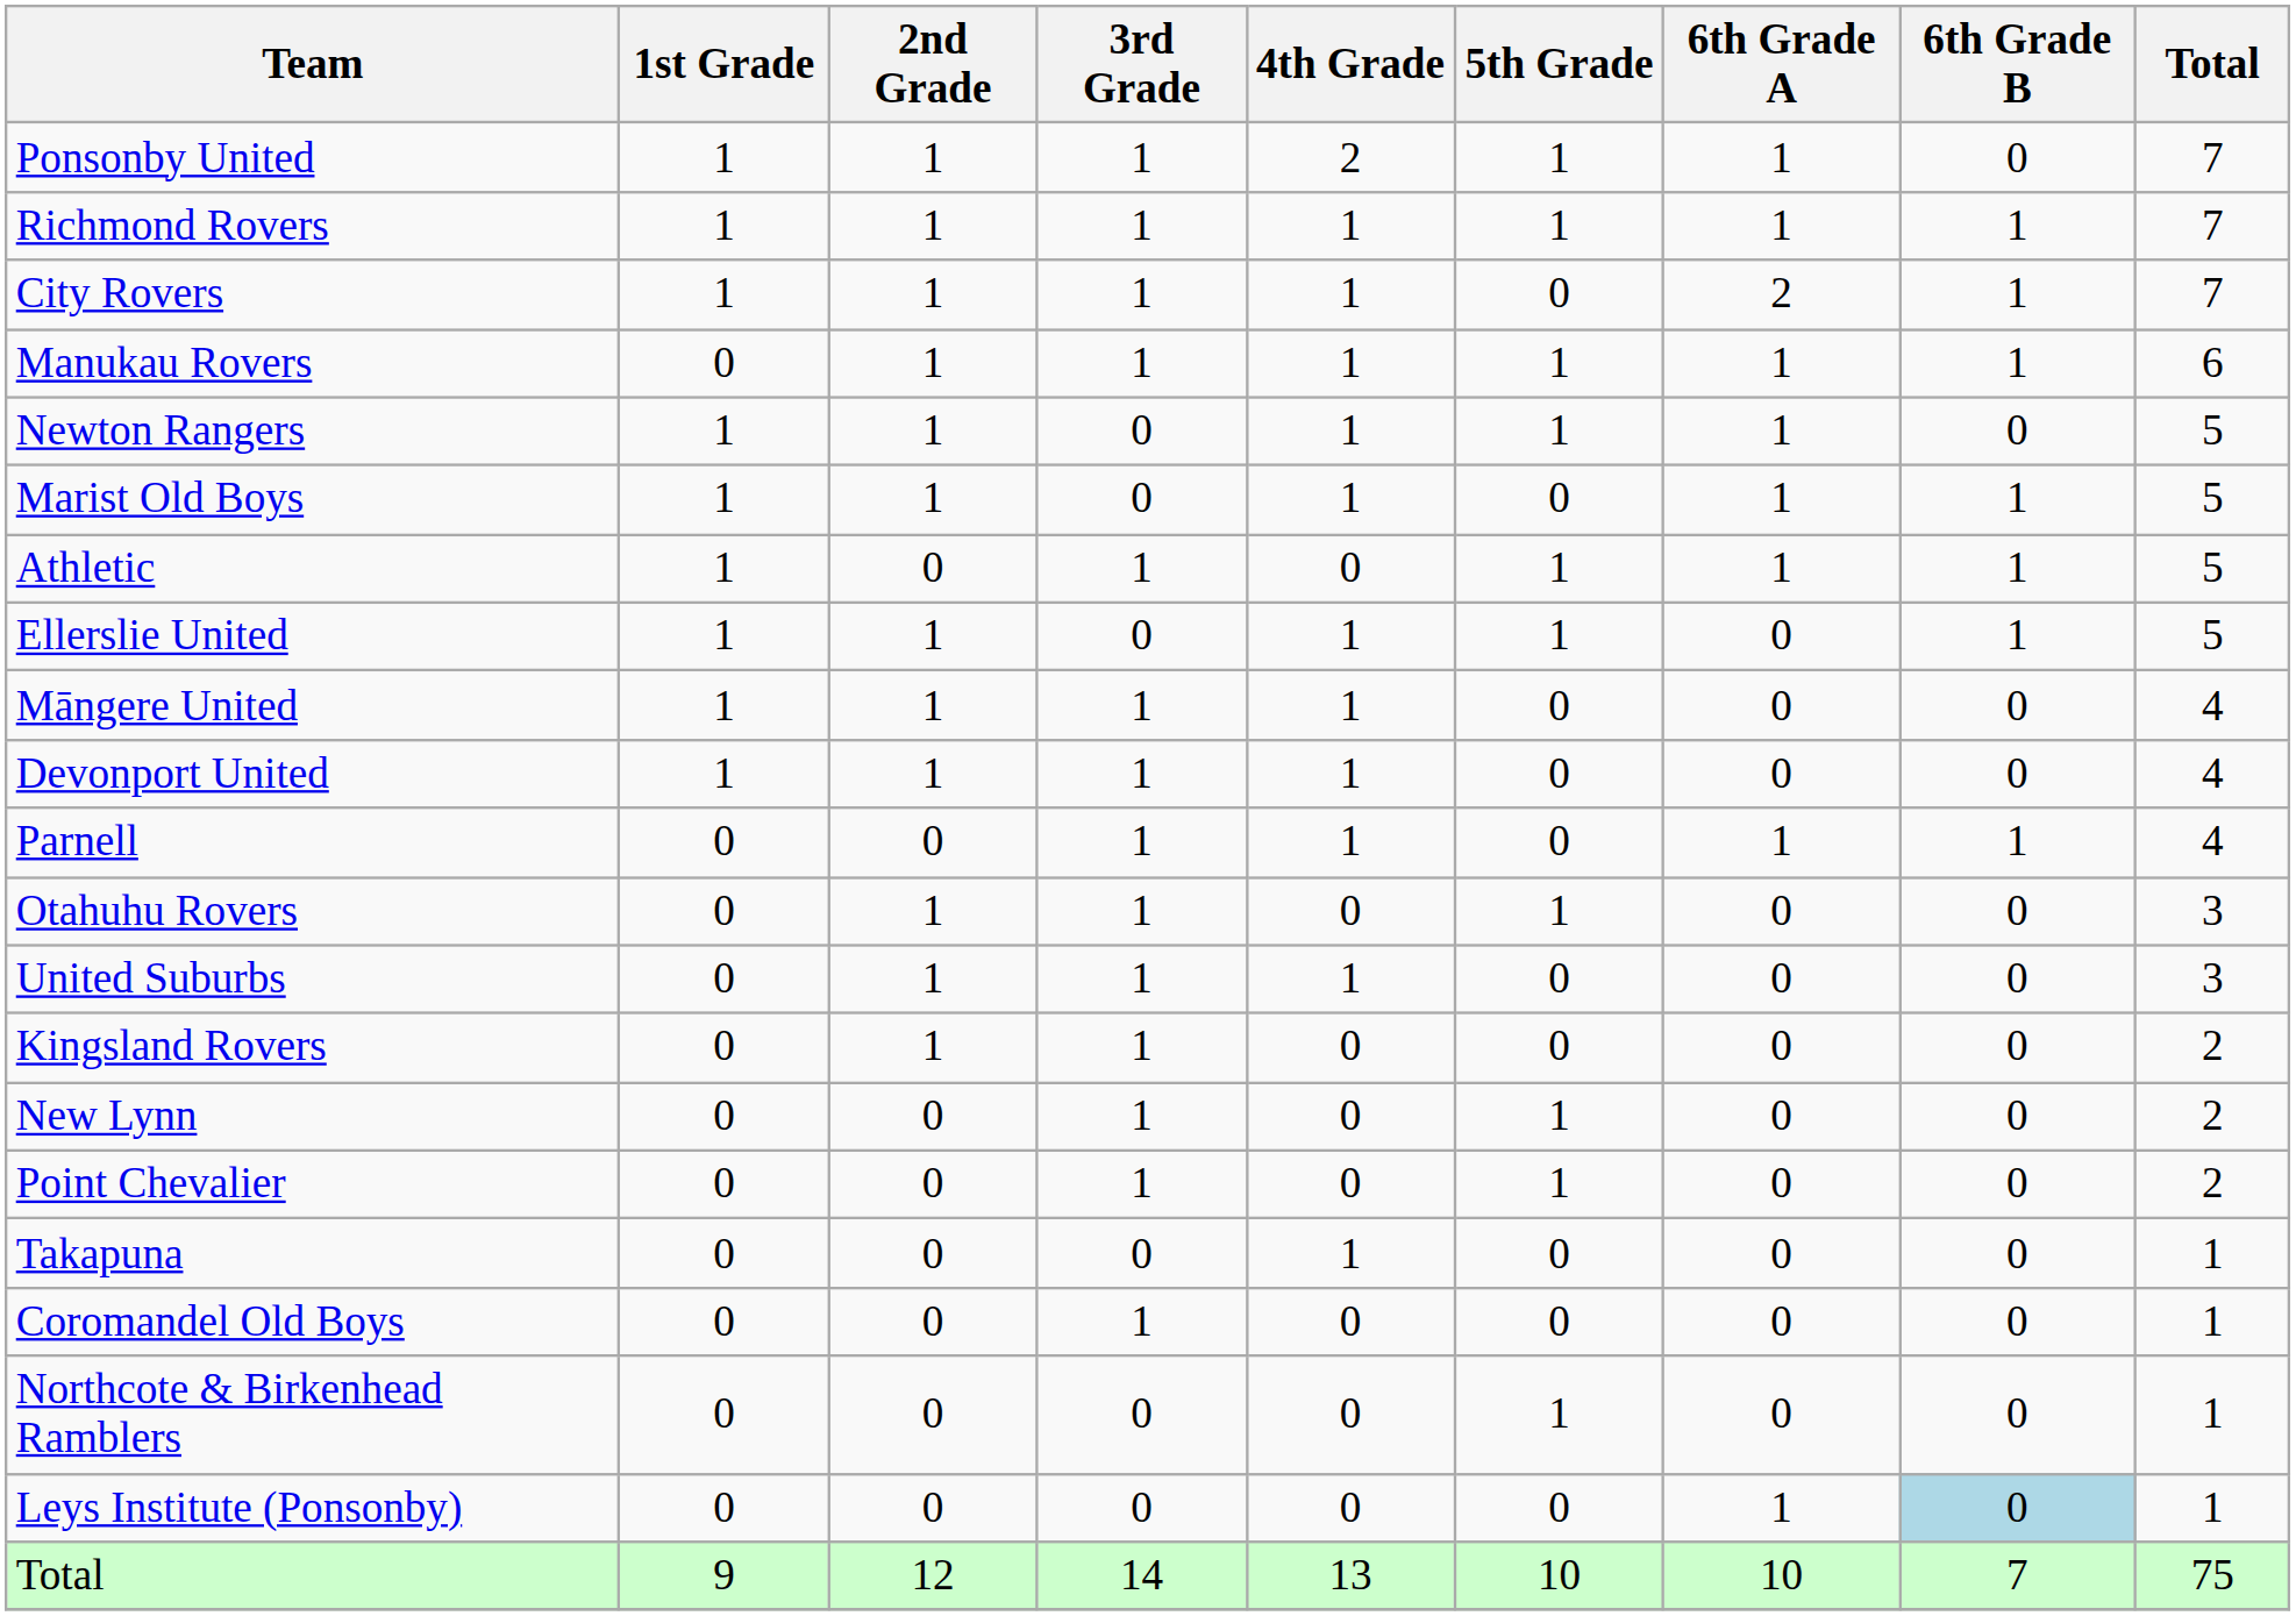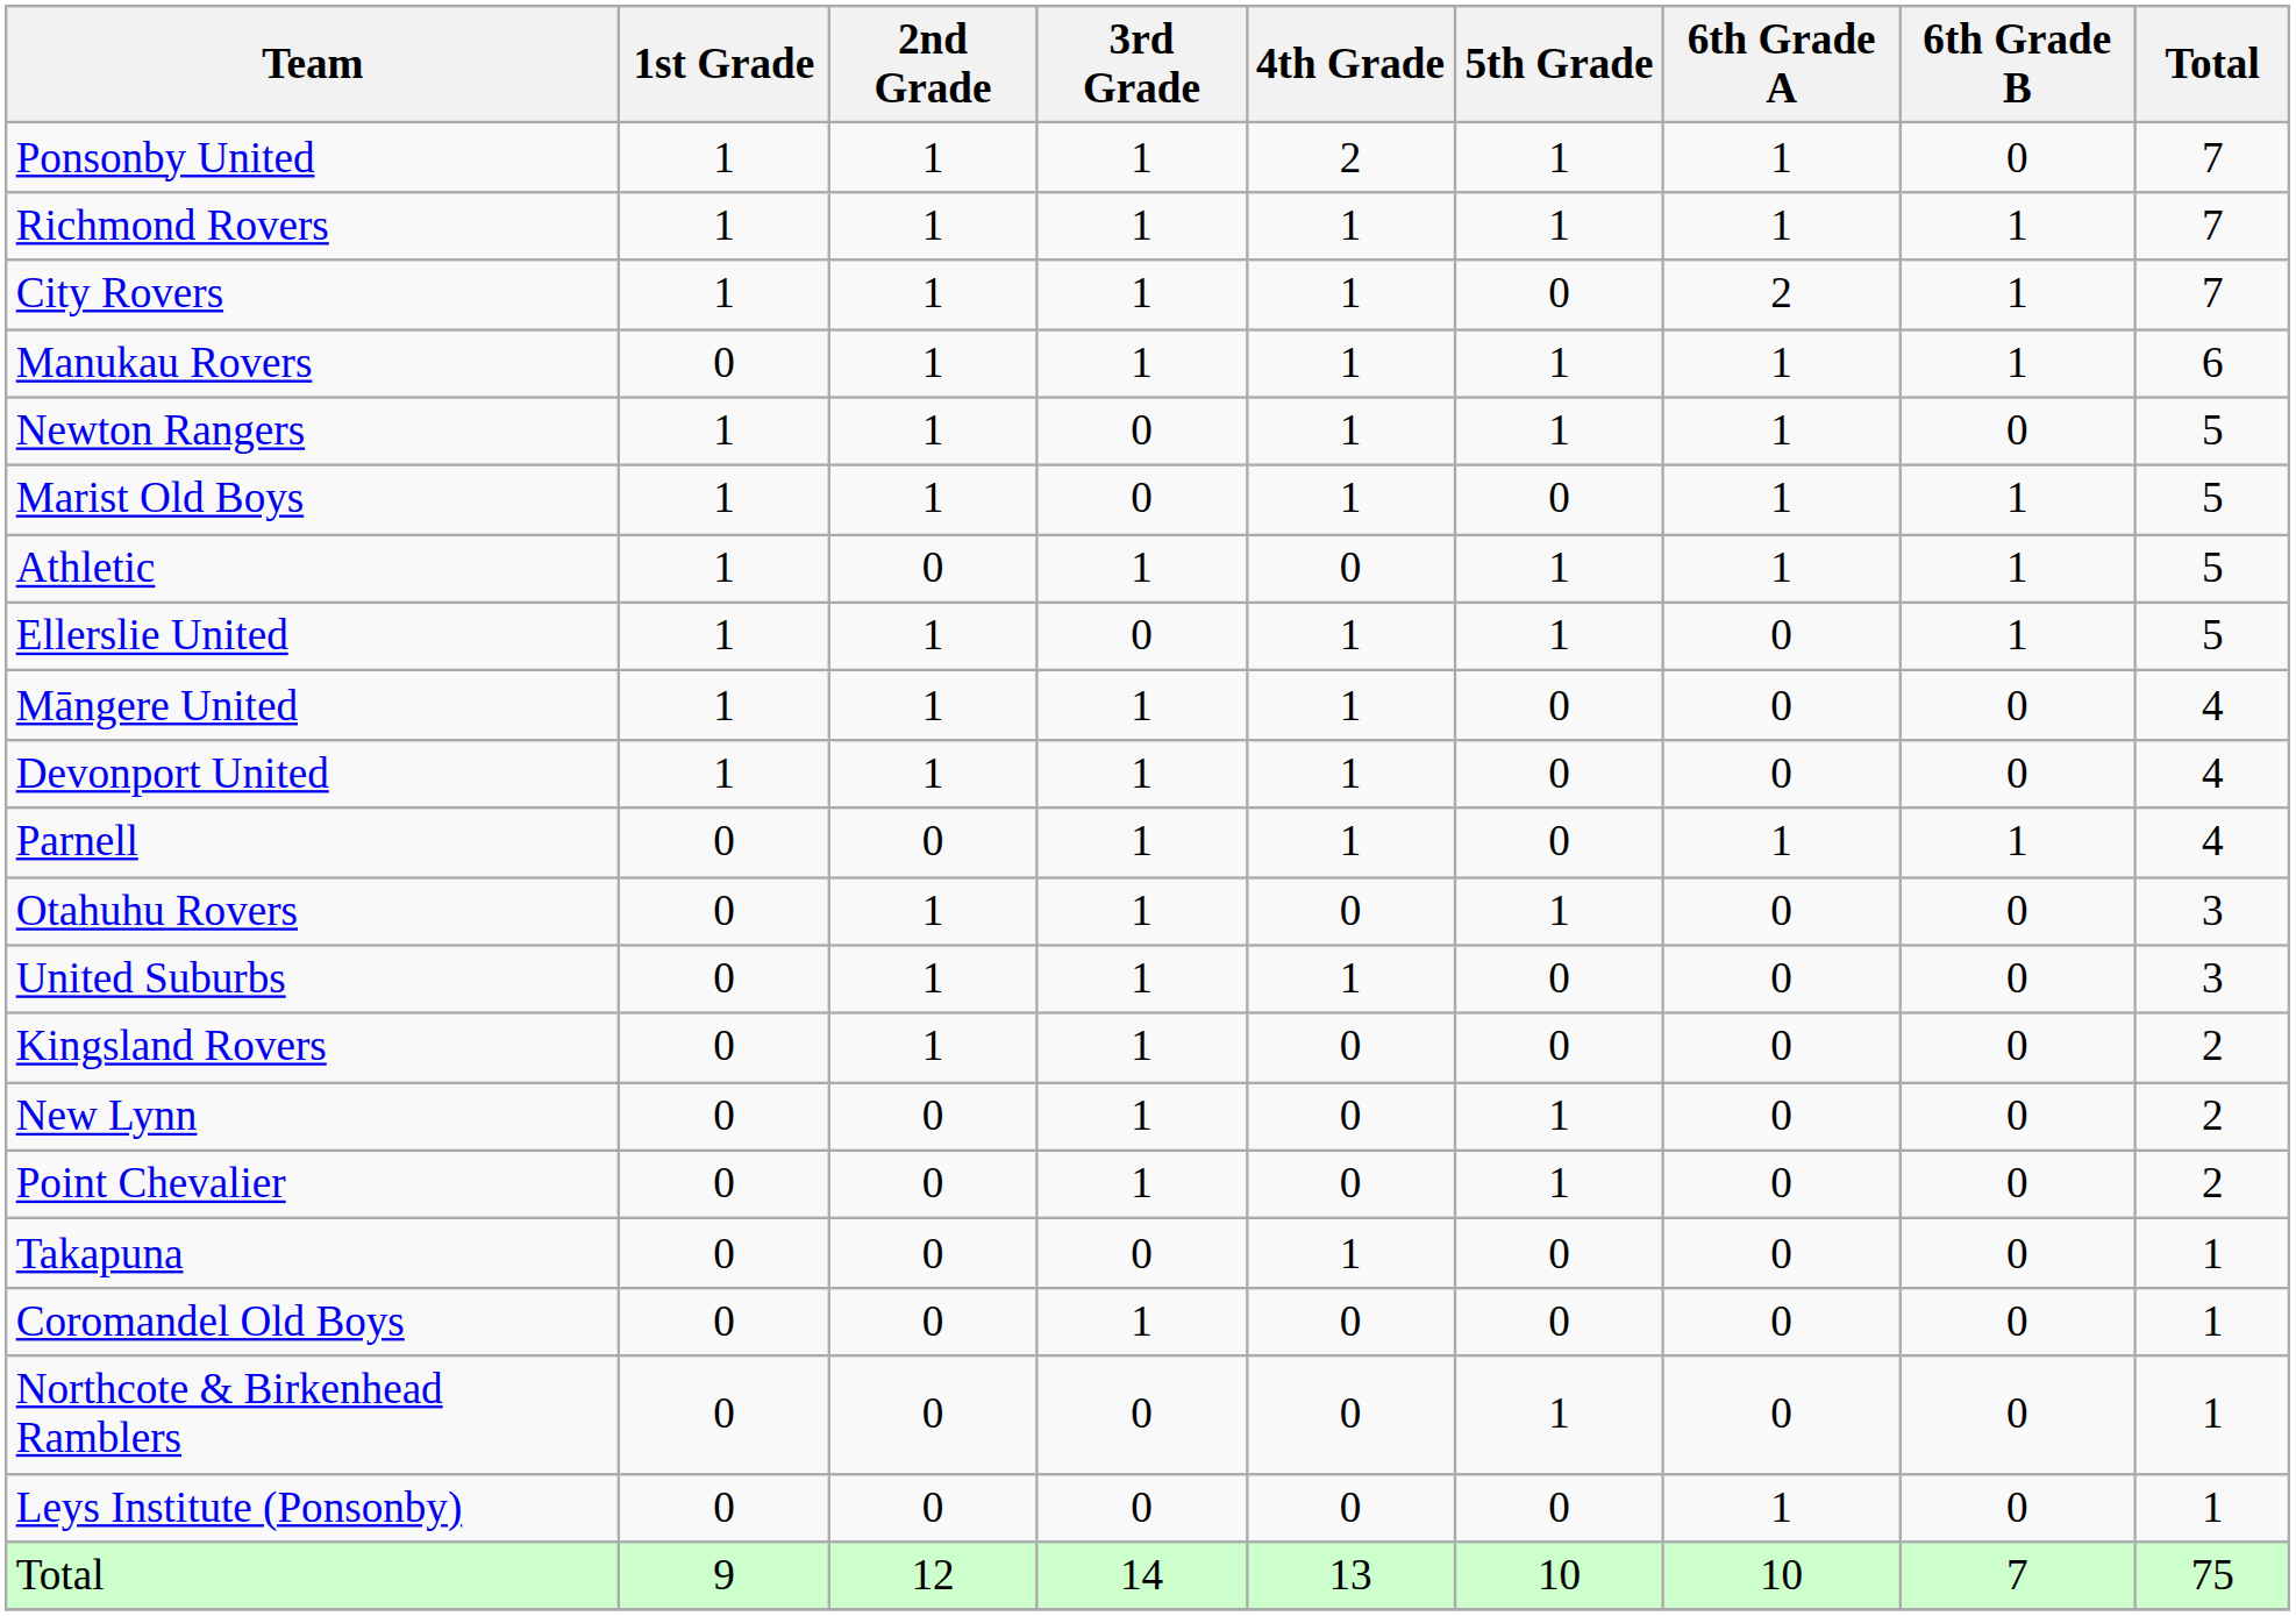 <table class="wikitable" style="text-align:center;">
 <tr>
 <th width=220>Team</th>
 <th width=70 abbr="1st Grade">1st Grade</th>
 <th width=70 abbr="2nd Grade">2nd Grade</th>
 <th width=70 abbr="3rd Grade">3rd Grade</th>
 <th width=70 abbr="4th Grade">4th Grade</th>
 <th width=70 abbr="5th Grade">5th Grade</th>
 <th width=80 abbr="6th Grade">6th Grade A</th>
 <th width=80 abbr="6th Grade">6th Grade B</th>
 <th width=50 abbr="Total">Total</th>
 </tr>
 <tr>
 <td style="text-align:left;"><a href='#'>Ponsonby United</a></td>
 <td>1</td>
 <td>1</td>
 <td>1</td>
 <td>2</td>
 <td>1</td>
 <td>1</td>
 <td>0</td>
 <td>7</td>
 </tr>
 <tr>
 <td style="text-align:left;"><a href='#'>Richmond Rovers</a></td>
 <td>1</td>
 <td>1</td>
 <td>1</td>
 <td>1</td>
 <td>1</td>
 <td>1</td>
 <td>1</td>
 <td>7</td>
 </tr>
 <tr>
 <td style="text-align:left;"><a href='#'>City Rovers</a></td>
 <td>1</td>
 <td>1</td>
 <td>1</td>
 <td>1</td>
 <td>0</td>
 <td>2</td>
 <td>1</td>
 <td>7</td>
 </tr>
 <tr>
 <td style="text-align:left;"><a href='#'>Manukau Rovers</a></td>
 <td>0</td>
 <td>1</td>
 <td>1</td>
 <td>1</td>
 <td>1</td>
 <td>1</td>
 <td>1</td>
 <td>6</td>
 </tr>
 <tr>
 <td style="text-align:left;"><a href='#'>Newton Rangers</a></td>
 <td>1</td>
 <td>1</td>
 <td>0</td>
 <td>1</td>
 <td>1</td>
 <td>1</td>
 <td>0</td>
 <td>5</td>
 </tr>
 <tr>
 <td style="text-align:left;"><a href='#'>Marist Old Boys</a></td>
 <td>1</td>
 <td>1</td>
 <td>0</td>
 <td>1</td>
 <td>0</td>
 <td>1</td>
 <td>1</td>
 <td>5</td>
 </tr>
 <tr>
 <td style="text-align:left;"><a href='#'>Athletic</a></td>
 <td>1</td>
 <td>0</td>
 <td>1</td>
 <td>0</td>
 <td>1</td>
 <td>1</td>
 <td>1</td>
 <td>5</td>
 </tr>
 <tr>
 <td style="text-align:left;"><a href='#'>Ellerslie United</a></td>
 <td>1</td>
 <td>1</td>
 <td>0</td>
 <td>1</td>
 <td>1</td>
 <td>0</td>
 <td>1</td>
 <td>5</td>
 </tr>
 <tr>
 <td style="text-align:left;"><a href='#'>Māngere United</a></td>
 <td>1</td>
 <td>1</td>
 <td>1</td>
 <td>1</td>
 <td>0</td>
 <td>0</td>
 <td>0</td>
 <td>4</td>
 </tr>
 <tr>
 <td style="text-align:left;"><a href='#'>Devonport United</a></td>
 <td>1</td>
 <td>1</td>
 <td>1</td>
 <td>1</td>
 <td>0</td>
 <td>0</td>
 <td>0</td>
 <td>4</td>
 </tr>
 <tr>
 <td style="text-align:left;"><a href='#'>Parnell</a></td>
 <td>0</td>
 <td>0</td>
 <td>1</td>
 <td>1</td>
 <td>0</td>
 <td>1</td>
 <td>1</td>
 <td>4</td>
 </tr>
 <tr>
 <td style="text-align:left;"><a href='#'>Otahuhu Rovers</a></td>
 <td>0</td>
 <td>1</td>
 <td>1</td>
 <td>0</td>
 <td>1</td>
 <td>0</td>
 <td>0</td>
 <td>3</td>
 </tr>
 <tr>
 <td style="text-align:left;"><a href='#'>United Suburbs</a></td>
 <td>0</td>
 <td>1</td>
 <td>1</td>
 <td>1</td>
 <td>0</td>
 <td>0</td>
 <td>0</td>
 <td>3</td>
 </tr>
 <tr>
 <td style="text-align:left;"><a href='#'>Kingsland Rovers</a></td>
 <td>0</td>
 <td>1</td>
 <td>1</td>
 <td>0</td>
 <td>0</td>
 <td>0</td>
 <td>0</td>
 <td>2</td>
 </tr>
 <tr>
 <td style="text-align:left;"><a href='#'>New Lynn</a></td>
 <td>0</td>
 <td>0</td>
 <td>1</td>
 <td>0</td>
 <td>1</td>
 <td>0</td>
 <td>0</td>
 <td>2</td>
 </tr>
 <tr>
 <td style="text-align:left;"><a href='#'>Point Chevalier</a></td>
 <td>0</td>
 <td>0</td>
 <td>1</td>
 <td>0</td>
 <td>1</td>
 <td>0</td>
 <td>0</td>
 <td>2</td>
 </tr>
 <tr>
 <td style="text-align:left;"><a href='#'>Takapuna</a></td>
 <td>0</td>
 <td>0</td>
 <td>0</td>
 <td>1</td>
 <td>0</td>
 <td>0</td>
 <td>0</td>
 <td>1</td>
 </tr>
 <tr>
 <td style="text-align:left;"><a href='#'>Coromandel Old Boys</a></td>
 <td>0</td>
 <td>0</td>
 <td>1</td>
 <td>0</td>
 <td>0</td>
 <td>0</td>
 <td>0</td>
 <td>1</td>
 </tr>
 <tr>
 <td style="text-align:left;"><a href='#'>Northcote & Birkenhead Ramblers</a></td>
 <td>0</td>
 <td>0</td>
 <td>0</td>
 <td>0</td>
 <td>1</td>
 <td>0</td>
 <td>0</td>
 <td>1</td>
 </tr>
 <tr>
 <td style="text-align:left;"><a href='#'>Leys Institute (Ponsonby)</a></td>
 <td>0</td>
 <td>0</td>
 <td>0</td>
 <td>0</td>
 <td>0</td>
 <td>1</td>
-<td style="background: lightblue;">0</td>
+<td>0</td>
 <td>1</td>
 </tr>
 <tr style="background: #ccffcc;">
 <td style="text-align:left;">Total</td>
 <td>9</td>
 <td>12</td>
 <td>14</td>
 <td>13</td>
 <td>10</td>
 <td>10</td>
 <td>7</td>
 <td>75</td>
 </tr>
 <tr>
 </tr>
 </table>
